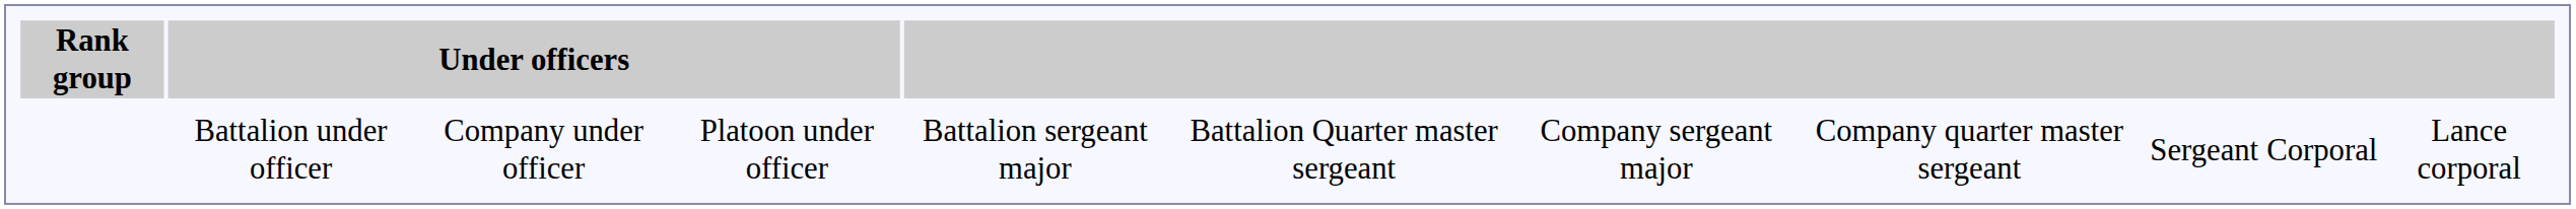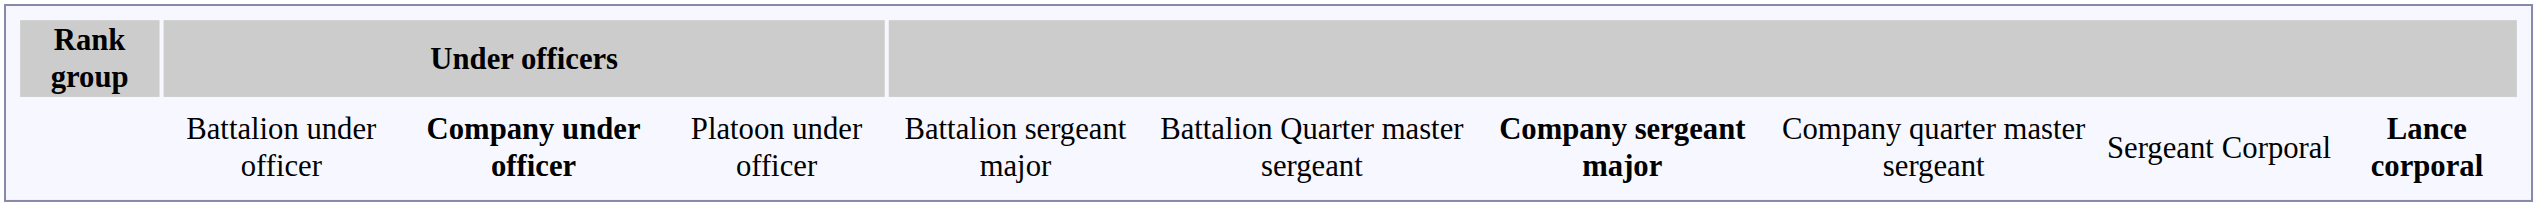 <table style="border:1px solid #8888aa; background-color:#f7f8ff; padding:5px; font-size:95%; margin: 0px 12px 12px 0px; text-align:center;">
 <tr bgcolor="#CCCCCC">
 <th>Rank group</th>
 <th colspan=3>Under officers</th>
 <th colspan=7></th>
 </tr>
 <tr>
 <td rowspan=2><strong></strong></td>
 <td></td>
 <td></td>
 <td></td>
 <td></td>
 <td></td>
 <td></td>
 <td></td>
 <td></td>
 <td></td>
 </tr>
 <tr>
 <td>Battalion under officer</td>
-<td>Company under officer</td>
+<td><strong>Company under officer</strong></td>
 <td>Platoon under officer</td>
 <td>Battalion sergeant major</td>
 <td>Battalion Quarter master sergeant</td>
-<td>Company sergeant major</td>
+<td><strong>Company sergeant major</strong></td>
 <td>Company quarter master sergeant</td>
 <td>Sergeant</td>
 <td>Corporal</td>
-<td>Lance corporal</td>
+<td><strong>Lance corporal</strong></td>
 </tr>
 </table>
